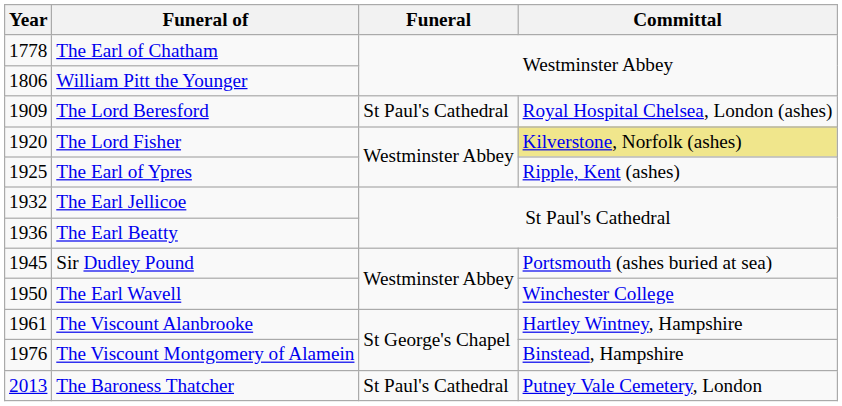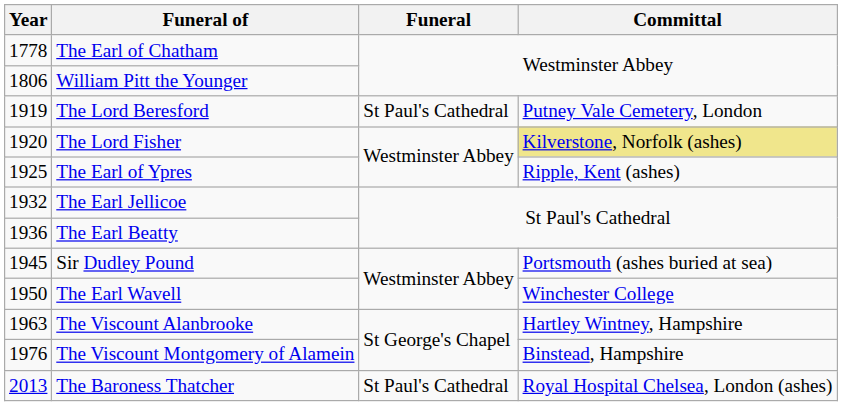 <table class="wikitable">
 <tr>
 <th>Year</th>
 <th>Funeral of</th>
 <th>Funeral</th>
 <th>Committal</th>
 </tr>
 <tr>
 <td>1778</td>
 <td><a href='#'>The Earl of Chatham</a></td>
 <td rowspan="2" colspan=2 style="text-align:center;">Westminster Abbey</td>
 </tr>
 <tr>
 <td>1806</td>
 <td><a href='#'>William Pitt the Younger</a></td>
 </tr>
 <tr>
-<td>1909</td>
+<td>1919</td>
 <td><a href='#'>The Lord Beresford</a></td>
 <td>St Paul's Cathedral</td>
-<td><a href='#'>Royal Hospital Chelsea</a>, London (ashes)</td>
+<td><a href='#'>Putney Vale Cemetery</a>, London</td>
 </tr>
 <tr>
 <td>1920</td>
 <td><a href='#'>The Lord Fisher</a></td>
 <td rowspan="2">Westminster Abbey</td>
 <td style="background: khaki;"><a href='#'>Kilverstone</a>, Norfolk (ashes)</td>
 </tr>
 <tr>
 <td>1925</td>
 <td><a href='#'>The Earl of Ypres</a></td>
 <td><a href='#'>Ripple, Kent</a> (ashes)</td>
 </tr>
 <tr>
 <td>1932</td>
 <td><a href='#'>The Earl Jellicoe</a></td>
 <td rowspan="2" colspan=2 style="text-align:center;">St Paul's Cathedral</td>
 </tr>
 <tr>
 <td>1936</td>
 <td><a href='#'>The Earl Beatty</a></td>
 </tr>
 <tr>
 <td>1945</td>
 <td>Sir <a href='#'>Dudley Pound</a></td>
 <td rowspan="2">Westminster Abbey</td>
 <td><a href='#'>Portsmouth</a> (ashes buried at sea)</td>
 </tr>
 <tr>
 <td>1950</td>
 <td><a href='#'>The Earl Wavell</a></td>
 <td><a href='#'>Winchester College</a></td>
 </tr>
 <tr>
-<td>1961</td>
+<td>1963</td>
 <td><a href='#'>The Viscount Alanbrooke</a></td>
 <td rowspan="2">St George's Chapel</td>
 <td><a href='#'>Hartley Wintney</a>, Hampshire</td>
 </tr>
 <tr>
 <td>1976</td>
 <td><a href='#'>The Viscount Montgomery of Alamein</a></td>
 <td><a href='#'>Binstead</a>, Hampshire</td>
 </tr>
 <tr>
 <td><a href='#'>2013</a></td>
 <td><a href='#'>The Baroness Thatcher</a></td>
 <td>St Paul's Cathedral</td>
-<td><a href='#'>Putney Vale Cemetery</a>, London</td>
+<td><a href='#'>Royal Hospital Chelsea</a>, London (ashes)</td>
 </tr>
 </table>
